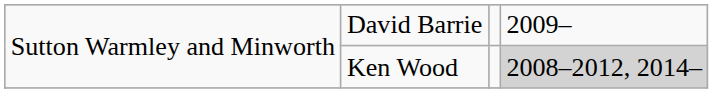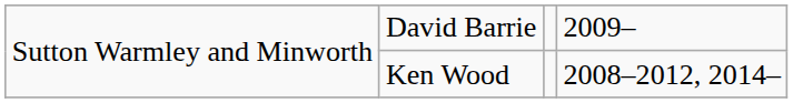 <table class="wikitable sortable">
 <tr>
 <td rowspan="2">Sutton Warmley and Minworth</td>
 <td>David Barrie</td>
 <td></td>
 <td>2009–</td>
 </tr>
 <tr>
 <td>Ken Wood</td>
 <td></td>
-<td style="background: lightgrey;">2008–2012, 2014–</td>
+<td>2008–2012, 2014–</td>
 </tr>
 </table>
